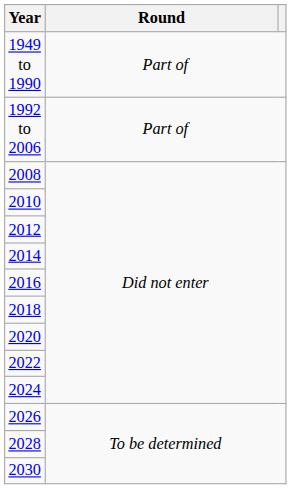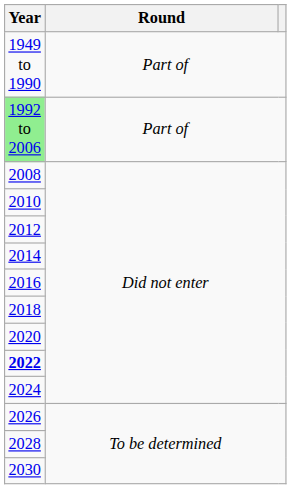 <table class="wikitable" style="text-align: center; font-size:90%">
 <tr>
 <th>Year</th>
 <th style="width:200px">Round</th>
 <th></th>
 </tr>
 <tr>
 <td><a href='#'>1949</a><br>to<br><a href='#'>1990</a></td>
 <td colspan="2"><em>Part of </em></td>
 </tr>
 <tr>
-<td><a href='#'>1992</a><br>to<br><a href='#'>2006</a></td>
+<td style="background: lightgreen;"><a href='#'>1992</a><br>to<br><a href='#'>2006</a></td>
 <td colspan="2"><em>Part of </em></td>
 </tr>
 <tr>
 <td><a href='#'>2008</a></td>
 <td colspan="2" rowspan="9"><em>Did not enter</em></td>
 </tr>
 <tr>
 <td><a href='#'>2010</a></td>
 </tr>
 <tr>
 <td><a href='#'>2012</a></td>
 </tr>
 <tr>
 <td><a href='#'>2014</a></td>
 </tr>
 <tr>
 <td><a href='#'>2016</a></td>
 </tr>
 <tr>
 <td><a href='#'>2018</a></td>
 </tr>
 <tr>
 <td><a href='#'>2020</a></td>
 </tr>
 <tr>
-<td><a href='#'>2022</a></td>
+<td><strong><a href='#'>2022</a></strong></td>
 </tr>
 <tr>
 <td><a href='#'>2024</a></td>
 </tr>
 <tr>
 <td><a href='#'>2026</a></td>
 <td colspan="2" rowspan="3"><em>To be determined</em></td>
 </tr>
 <tr>
 <td><a href='#'>2028</a></td>
 </tr>
 <tr>
 <td><a href='#'>2030</a></td>
 </tr>
 </table>
